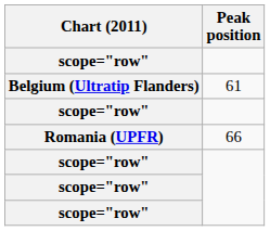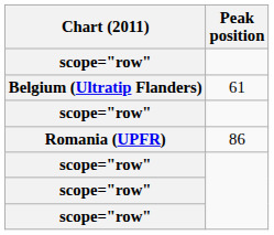 <table class="wikitable sortable plainrowheaders">
 <tr>
 <th scope="col">Chart (2011)</th>
 <th scope="col">Peak<br>position</th>
 </tr>
 <tr>
 <th>scope="row"</th>
 </tr>
 <tr>
 <th scope="row">Belgium (<a href='#'>Ultratip</a> Flanders)</th>
 <td style="text-align:center;">61</td>
 </tr>
 <tr>
 <th>scope="row"</th>
 </tr>
 <tr>
 <th scope="row">Romania (<a href='#'>UPFR</a>)</th>
-<td align="center">66</td>
+<td align="center">86</td>
 </tr>
 <tr>
 <th>scope="row"</th>
 </tr>
 <tr>
 <th>scope="row"</th>
 </tr>
 <tr>
 <th>scope="row"</th>
 </tr>
 </table>
